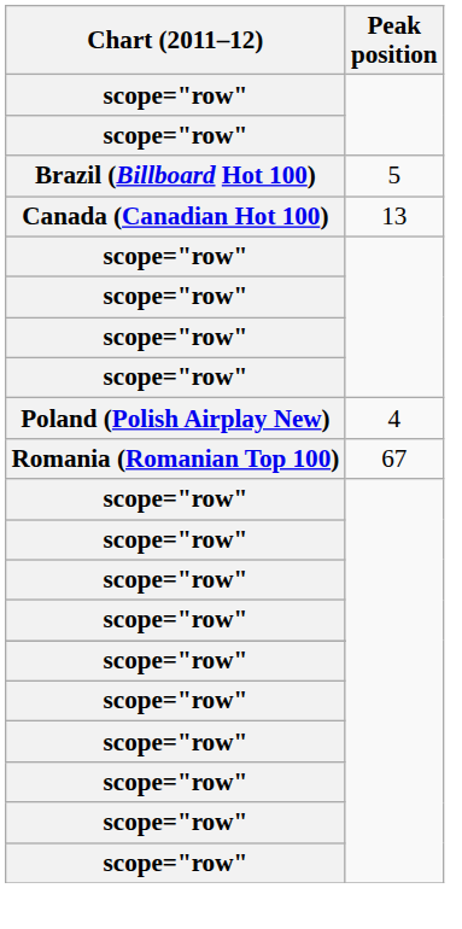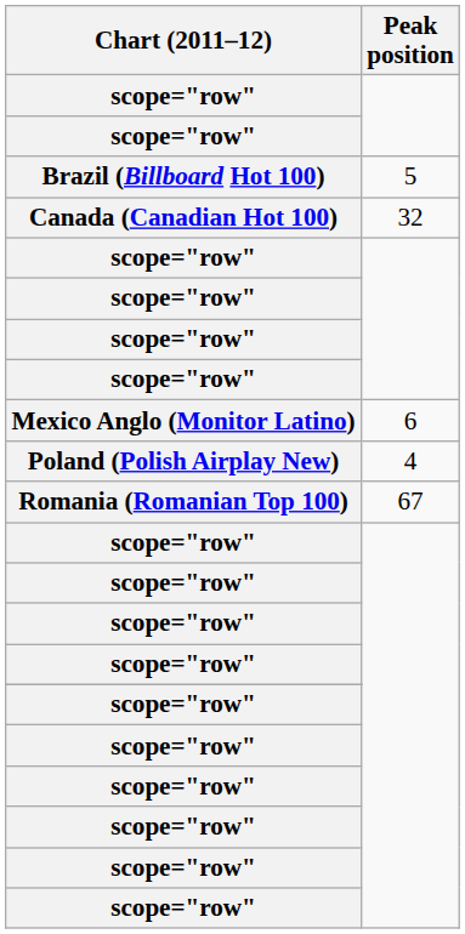 <table class="wikitable sortable plainrowheaders">
 <tr>
 <th scope="col">Chart (2011–12)</th>
 <th scope="col">Peak<br>position</th>
 </tr>
 <tr>
 <th>scope="row"</th>
 </tr>
 <tr>
 <th>scope="row"</th>
 </tr>
 <tr>
 <th scope="row">Brazil (<em><a href='#'>Billboard</a></em> <a href='#'>Hot 100</a>)</th>
 <td style="text-align:center;">5</td>
 </tr>
 <tr>
 <th scope="row">Canada (<a href='#'>Canadian Hot 100</a>)</th>
-<td style="text-align:center;">13</td>
+<td style="text-align:center;">32</td>
 </tr>
 <tr>
 <th>scope="row"</th>
 </tr>
 <tr>
 <th>scope="row"</th>
 </tr>
 <tr>
 <th>scope="row"</th>
 </tr>
 <tr>
 <th>scope="row"</th>
+</tr>
+<tr>
+<th scope="row">Mexico Anglo (<a href='#'>Monitor Latino</a>)</th>
+<td style="text-align:center;">6</td>
 </tr>
 <tr>
 <th scope="row">Poland (<a href='#'>Polish Airplay New</a>)</th>
 <td align="center">4</td>
 </tr>
 <tr>
 <th scope="row">Romania (<a href='#'>Romanian Top 100</a>)</th>
 <td align="center">67</td>
 </tr>
 <tr>
 <th>scope="row"</th>
 </tr>
 <tr>
 <th>scope="row"</th>
 </tr>
 <tr>
 <th>scope="row"</th>
 </tr>
 <tr>
 <th>scope="row"</th>
 </tr>
 <tr>
 </tr>
 <tr>
 <th>scope="row"</th>
 </tr>
 <tr>
 <th>scope="row"</th>
 </tr>
 <tr>
 <th>scope="row"</th>
 </tr>
 <tr>
 <th>scope="row"</th>
 </tr>
 <tr>
 <th>scope="row"</th>
 </tr>
 <tr>
 <th>scope="row"</th>
 </tr>
 </table>
